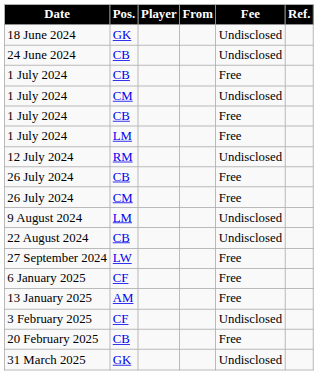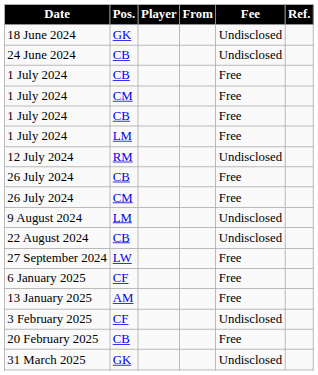 <table class="wikitable plainrowheaders sortable">
 <tr>
 <th style="background:black; color:white; ">Date</th>
 <th style="background:black; color:white; ">Pos.</th>
 <th style="background:black; color:white; ">Player</th>
 <th style="background:black; color:white; ">From</th>
 <th style="background:black; color:white; ">Fee</th>
 <th style="background:black; color:white; ">Ref.</th>
 </tr>
 <tr>
 <td>18 June 2024</td>
 <td><a href='#'>GK</a></td>
 <td></td>
 <td></td>
 <td>Undisclosed</td>
 <td></td>
 </tr>
 <tr>
 <td>24 June 2024</td>
 <td><a href='#'>CB</a></td>
 <td></td>
 <td></td>
 <td>Undisclosed</td>
 <td></td>
 </tr>
 <tr>
 <td>1 July 2024</td>
 <td><a href='#'>CB</a></td>
 <td></td>
 <td></td>
 <td>Free</td>
 <td></td>
 </tr>
 <tr>
 <td>1 July 2024</td>
 <td><a href='#'>CM</a></td>
 <td></td>
 <td></td>
-<td>Undisclosed</td>
+<td>Free</td>
 <td></td>
 </tr>
 <tr>
 <td>1 July 2024</td>
 <td><a href='#'>CB</a></td>
 <td></td>
 <td></td>
 <td>Free</td>
 <td></td>
 </tr>
 <tr>
 <td>1 July 2024</td>
 <td><a href='#'>LM</a></td>
 <td></td>
 <td></td>
 <td>Free</td>
 <td></td>
 </tr>
 <tr>
 <td>12 July 2024</td>
 <td><a href='#'>RM</a></td>
 <td></td>
 <td></td>
 <td>Undisclosed</td>
 <td></td>
 </tr>
 <tr>
 <td>26 July 2024</td>
 <td><a href='#'>CB</a></td>
 <td></td>
 <td></td>
 <td>Free</td>
 <td></td>
 </tr>
 <tr>
 <td>26 July 2024</td>
 <td><a href='#'>CM</a></td>
 <td></td>
 <td></td>
 <td>Free</td>
 <td></td>
 </tr>
 <tr>
 <td>9 August 2024</td>
 <td><a href='#'>LM</a></td>
 <td></td>
 <td></td>
 <td>Undisclosed</td>
 <td></td>
 </tr>
 <tr>
 <td>22 August 2024</td>
 <td><a href='#'>CB</a></td>
 <td></td>
 <td></td>
 <td>Undisclosed</td>
 <td></td>
 </tr>
 <tr>
 <td>27 September 2024</td>
 <td><a href='#'>LW</a></td>
 <td></td>
 <td></td>
 <td>Free</td>
 <td></td>
 </tr>
 <tr>
 <td>6 January 2025</td>
 <td><a href='#'>CF</a></td>
 <td></td>
 <td></td>
 <td>Free</td>
 <td></td>
 </tr>
 <tr>
 <td>13 January 2025</td>
 <td><a href='#'>AM</a></td>
 <td></td>
 <td></td>
 <td>Free</td>
 <td></td>
 </tr>
 <tr>
 <td>3 February 2025</td>
 <td><a href='#'>CF</a></td>
 <td></td>
 <td></td>
 <td>Undisclosed</td>
 <td></td>
 </tr>
 <tr>
 <td>20 February 2025</td>
 <td><a href='#'>CB</a></td>
 <td></td>
 <td></td>
 <td>Free</td>
 <td></td>
 </tr>
 <tr>
 <td>31 March 2025</td>
 <td><a href='#'>GK</a></td>
 <td></td>
 <td></td>
 <td>Undisclosed</td>
 <td></td>
 </tr>
 </table>
